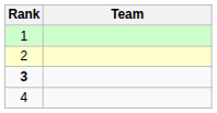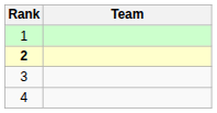 <table class="wikitable" style="text-align: center;">
 <tr>
 <th width=40>Rank</th>
 <th width=200>Team</th>
 </tr>
 <tr bgcolor=#ccffcc>
 <td>1</td>
 <td align=left></td>
 </tr>
 <tr bgcolor=#ffffcc>
-<td>2</td>
+<td><strong>2</strong></td>
 <td align=left></td>
 </tr>
 <tr>
-<td><strong>3</strong></td>
+<td>3</td>
 <td align=left></td>
 </tr>
 <tr>
 <td>4</td>
 <td align=left></td>
 </tr>
 </table>
